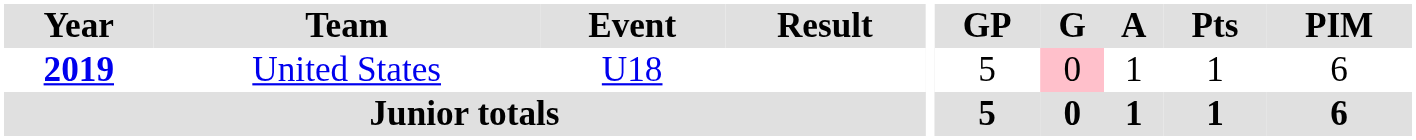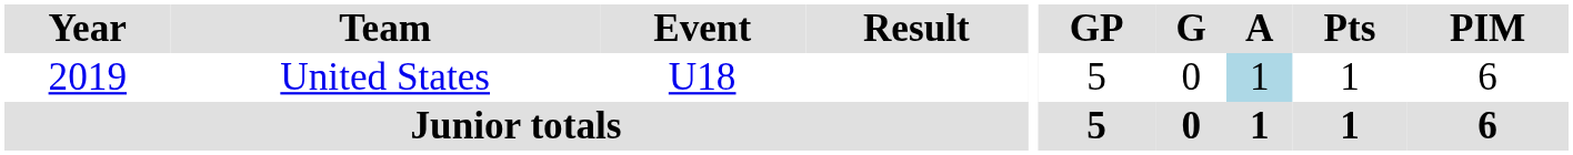 <table border="0" cellpadding="1" cellspacing="0" ID="Table3" style="text-align:center; width:40em">
 <tr ALIGN="center" bgcolor="#e0e0e0">
 <th>Year</th>
 <th>Team</th>
 <th>Event</th>
 <th>Result</th>
 <th rowspan="99" bgcolor="#ffffff"></th>
 <th>GP</th>
 <th>G</th>
 <th>A</th>
 <th>Pts</th>
 <th>PIM</th>
 </tr>
 <tr>
-<td><strong><a href='#'>2019</a></strong></td>
+<td><a href='#'>2019</a></td>
 <td><a href='#'>United States</a></td>
 <td><a href='#'>U18</a></td>
 <td></td>
 <td>5</td>
-<td style="background: pink;">0</td>
-<td>1</td>
+<td>0</td>
+<td style="background: lightblue;">1</td>
 <td>1</td>
 <td>6</td>
 </tr>
 <tr bgcolor="#e0e0e0">
 <th colspan="4">Junior totals</th>
 <th>5</th>
 <th>0</th>
 <th>1</th>
 <th>1</th>
 <th>6</th>
 </tr>
 </table>
